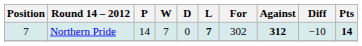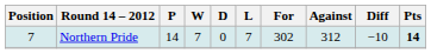 <table class="wikitable" style="text-align:center; font-size:85%;">
 <tr>
 <th width=40 abbr="Position">Position</th>
 <th width=100>Round 14 – 2012</th>
 <th width=20 abbr="Played">P</th>
 <th width=20 abbr="Won">W</th>
 <th width=20 abbr="Drawn">D</th>
 <th width=20 abbr="Lost">L</th>
 <th width=40 abbr="Points for">For</th>
 <th width=40 abbr="Points against">Against</th>
 <th width=40 abbr="Points difference">Diff</th>
 <th width=20 abbr="Points">Pts</th>
 </tr>
 <tr style="background: #d7ebed;">
 <td>7</td>
 <td style="text-align:left;"> <a href='#'>Northern Pride</a></td>
 <td>14</td>
 <td>7</td>
 <td>0</td>
-<td><strong>7</strong></td>
+<td>7</td>
 <td>302</td>
-<td><strong>312</strong></td>
+<td>312</td>
 <td>−10</td>
 <td><strong>14</strong></td>
 </tr>
 <tr>
 </tr>
 </table>
